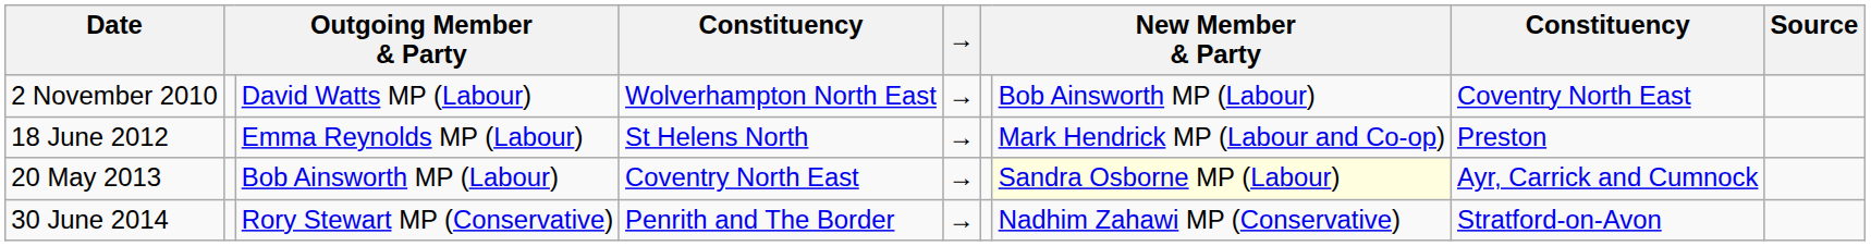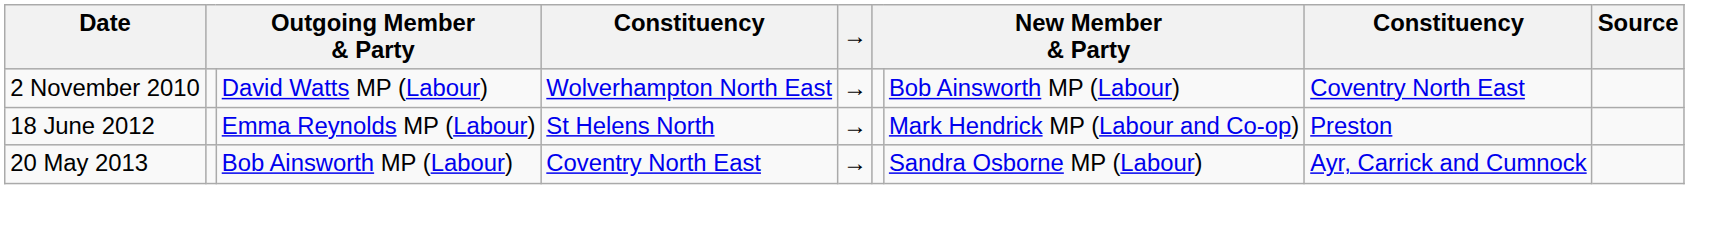 <table class="wikitable">
 <tr>
 <th valign="top">Date</th>
 <th colspan="2" valign="top">Outgoing Member<br>& Party</th>
 <th valign="top">Constituency</th>
 <th>→</th>
 <th colspan="2" valign="top">New Member<br>& Party</th>
 <th valign="top">Constituency</th>
 <th valign="top">Source</th>
 </tr>
 <tr>
 <td>2 November 2010</td>
 <td style="color:inherit;background:"></td>
 <td><a href='#'>David Watts</a> MP (<a href='#'>Labour</a>)</td>
 <td><a href='#'>Wolverhampton North East</a></td>
 <td>→</td>
 <td style="color:inherit;background:"></td>
 <td><a href='#'>Bob Ainsworth</a> MP (<a href='#'>Labour</a>)</td>
 <td><a href='#'>Coventry North East</a></td>
 <td></td>
 </tr>
 <tr>
 <td>18 June 2012</td>
 <td style="color:inherit;background:"></td>
 <td><a href='#'>Emma Reynolds</a> MP (<a href='#'>Labour</a>)</td>
 <td><a href='#'>St Helens North</a></td>
 <td>→</td>
 <td style="color:inherit;background:"></td>
 <td><a href='#'>Mark Hendrick</a> MP (<a href='#'>Labour and Co-op</a>)</td>
 <td><a href='#'>Preston</a></td>
 <td></td>
 </tr>
 <tr>
 <td>20 May 2013</td>
 <td style="color:inherit;background:"></td>
 <td><a href='#'>Bob Ainsworth</a> MP (<a href='#'>Labour</a>)</td>
 <td><a href='#'>Coventry North East</a></td>
 <td>→</td>
 <td style="color:inherit;background:"></td>
-<td style="background: lightyellow;"><a href='#'>Sandra Osborne</a> MP (<a href='#'>Labour</a>)</td>
+<td><a href='#'>Sandra Osborne</a> MP (<a href='#'>Labour</a>)</td>
 <td><a href='#'>Ayr, Carrick and Cumnock</a></td>
 <td></td>
 </tr>
-<tr>
-<td>30 June 2014</td>
-<td style="color:inherit;background:"></td>
-<td><a href='#'>Rory Stewart</a> MP (<a href='#'>Conservative</a>)</td>
-<td><a href='#'>Penrith and The Border</a></td>
-<td>→</td>
-<td style="color:inherit;background:"></td>
-<td><a href='#'>Nadhim Zahawi</a> MP (<a href='#'>Conservative</a>)</td>
-<td><a href='#'>Stratford-on-Avon</a></td>
-<td></td>
-</tr>
 </table>
